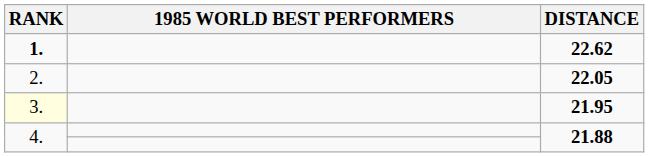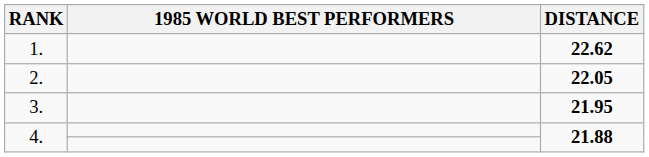 <table class="wikitable sortable">
 <tr>
 <th>RANK</th>
 <th align="center" style="width: 25em">1985 WORLD BEST PERFORMERS</th>
 <th align="center" style="width: 5em">DISTANCE</th>
 </tr>
 <tr>
-<td align="center"><strong>1.</strong></td>
+<td align="center">1.</td>
 <td></td>
 <td align="center"><strong>22.62</strong></td>
 </tr>
 <tr>
 <td align="center">2.</td>
 <td></td>
 <td align="center"><strong>22.05</strong></td>
 </tr>
 <tr>
-<td align="center" style="background: lightyellow;">3.</td>
+<td align="center">3.</td>
 <td></td>
 <td align="center"><strong>21.95</strong></td>
 </tr>
 <tr>
 <td rowspan=2 align="center">4.</td>
 <td></td>
 <td rowspan=2 align="center"><strong>21.88</strong></td>
 </tr>
 <tr>
 <td></td>
 </tr>
 </table>
